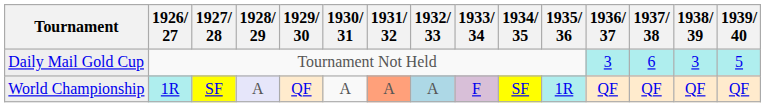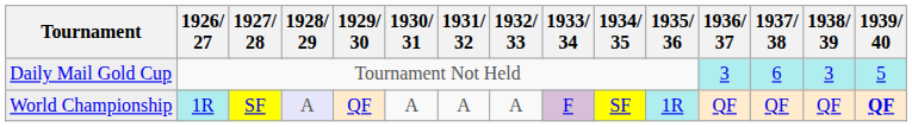 <table class="wikitable"  style="font-size:85%;">
 <tr>
 <th>Tournament</th>
 <th>1926/<br>27</th>
 <th>1927/<br>28</th>
 <th>1928/<br>29</th>
 <th>1929/<br>30</th>
 <th>1930/<br>31</th>
 <th>1931/<br>32</th>
 <th>1932/<br>33</th>
 <th>1933/<br>34</th>
 <th>1934/<br>35</th>
 <th>1935/<br>36</th>
 <th>1936/<br>37</th>
 <th>1937/<br>38</th>
 <th>1938/<br>39</th>
 <th>1939/<br>40</th>
 </tr>
 <tr>
 <td style="background:#EFEFEF;"><a href='#'>Daily Mail Gold Cup</a></td>
 <td colspan="10" style="text-align:center; color:#555555;">Tournament Not Held</td>
 <td align="center" style="background:#afeeee;"><a href='#'>3</a></td>
 <td align="center" style="background:#afeeee;"><a href='#'>6</a></td>
 <td align="center" style="background:#afeeee;"><a href='#'>3</a></td>
 <td align="center" style="background:#afeeee;"><a href='#'>5</a></td>
 </tr>
 <tr>
 <td style="background:#EFEFEF;"><a href='#'>World Championship</a></td>
 <td align="center" style="background:#afeeee;"><a href='#'>1R</a></td>
 <td style="text-align:center; background:yellow;"><a href='#'>SF</a></td>
 <td align="center" style="background: lavender; color:#555555;">A</td>
 <td style="text-align:center; background:#ffebcd;"><a href='#'>QF</a></td>
 <td align="center" style="color:#555555;">A</td>
-<td align="center" style="background: lightsalmon; color:#555555;">A</td>
-<td align="center" style="background: lightblue; color:#555555;">A</td>
+<td align="center" style="color:#555555;">A</td>
+<td align="center" style="color:#555555;">A</td>
 <td style="text-align:center; background:thistle;"><a href='#'>F</a></td>
 <td style="text-align:center; background:yellow;"><a href='#'>SF</a></td>
 <td align="center" style="background:#afeeee;"><a href='#'>1R</a></td>
 <td style="text-align:center; background:#ffebcd;"><a href='#'>QF</a></td>
 <td style="text-align:center; background:#ffebcd;"><a href='#'>QF</a></td>
 <td style="text-align:center; background:#ffebcd;"><a href='#'>QF</a></td>
-<td style="text-align:center; background:#ffebcd;"><a href='#'>QF</a></td>
+<td style="text-align:center; background:#ffebcd;"><strong><a href='#'>QF</a></strong></td>
 </tr>
 </table>
